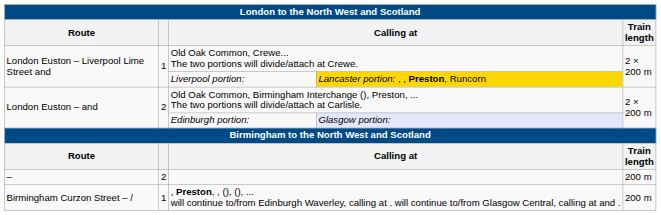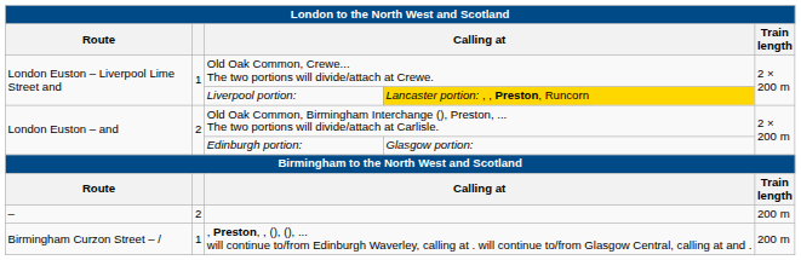 <table class="wikitable">
 <tr>
 <th colspan="5" style="background:#004a87; color:#FFFFFF">London to the North West and Scotland</th>
 </tr>
 <tr>
 <th width="250">Route</th>
 <th></th>
 <th colspan="2">Calling at</th>
 <th>Train<br>length</th>
 </tr>
 <tr>
 <td rowspan="2">London Euston – Liverpool Lime Street and </td>
 <td rowspan="2">1</td>
 <td colspan="2">Old Oak Common, Crewe...<br>The two portions will divide/attach at Crewe.</td>
 <td rowspan="2">2 ×<br>200 m</td>
 </tr>
 <tr>
 <td><em>Liverpool portion:</em> </td>
 <td style="background: gold;"><em>Lancaster portion:</em> , , <strong>Preston</strong>, Runcorn</td>
 </tr>
 <tr>
 <td rowspan="2">London Euston –  and </td>
 <td rowspan="2">2</td>
 <td colspan="2">Old Oak Common, Birmingham Interchange (), Preston, ...<br>The two portions will divide/attach at Carlisle.</td>
 <td rowspan="2">2 ×<br>200 m</td>
 </tr>
 <tr>
 <td><em>Edinburgh portion:</em> </td>
-<td style="background: lavender;"><em>Glasgow portion:</em> </td>
+<td><em>Glasgow portion:</em> </td>
 </tr>
 <tr>
 <th colspan="5" style="background:#004a87; color:#FFFFFF">Birmingham to the North West and Scotland</th>
 </tr>
 <tr>
 <th width="250">Route</th>
 <th></th>
 <th colspan="2">Calling at</th>
 <th>Train<br>length</th>
 </tr>
 <tr>
 <td> – </td>
 <td>2</td>
 <td colspan="2"></td>
 <td>200 m</td>
 </tr>
 <tr>
 <td>Birmingham Curzon Street – /</td>
 <td>1</td>
 <td colspan="2">, <strong>Preston</strong>, , (),  (), ...<br> will continue to/from Edinburgh Waverley, calling at .  will continue to/from Glasgow Central, calling at  and .</td>
 <td>200 m</td>
 </tr>
 </table>
